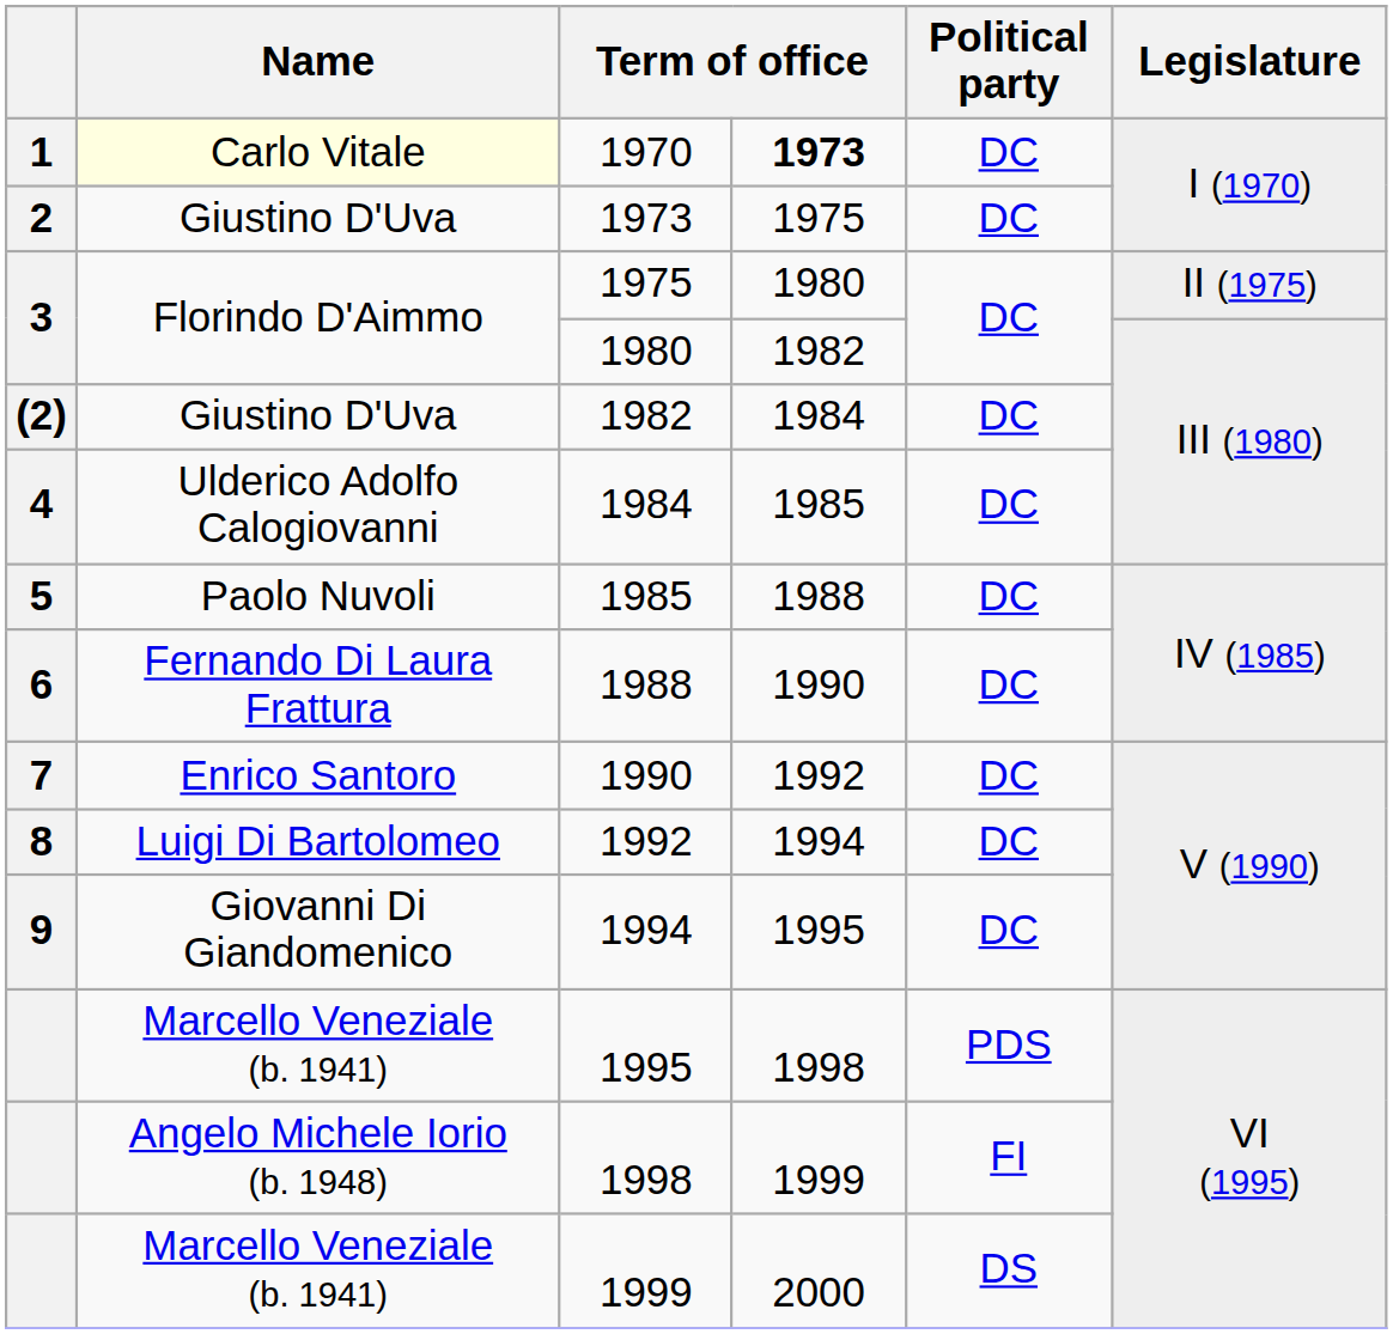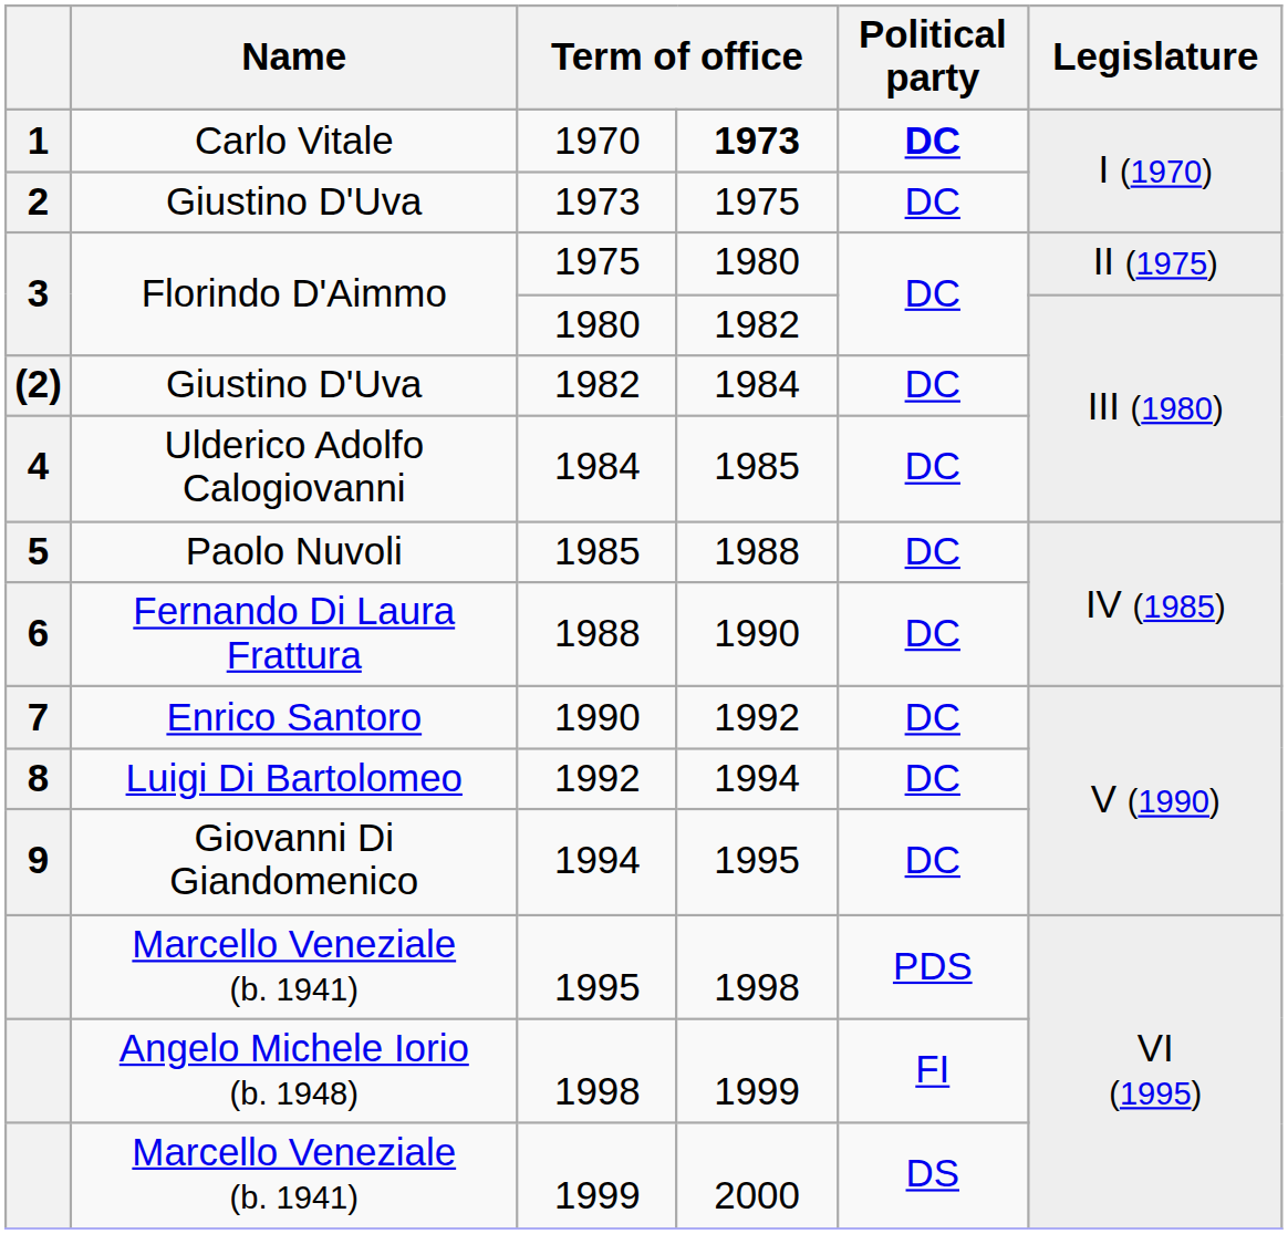 <table class="wikitable" style="text-align:center; width:60%; border:1px #AAAAFF solid">
 <tr>
 <th width=10px colspan=1></th>
 <th width=35%>Name</th>
 <th width=25% colspan=2>Term of office</th>
 <th width=15%>Political party</th>
 <th>Legislature</th>
 </tr>
 <tr>
 <th style="background:">1</th>
-<td style="background: lightyellow;">Carlo Vitale</td>
+<td>Carlo Vitale</td>
 <td>1970</td>
 <td><strong>1973</strong></td>
-<td><a href='#'>DC</a></td>
+<td><strong><a href='#'>DC</a></strong></td>
 <td rowspan=2 bgcolor=#EEEEEE>I <small>(<a href='#'>1970</a>)</small></td>
 </tr>
 <tr>
 <th style="background:">2</th>
 <td>Giustino D'Uva</td>
 <td>1973</td>
 <td>1975</td>
 <td><a href='#'>DC</a></td>
 </tr>
 <tr>
 <th rowspan=2 style="background:">3</th>
 <td rowspan=2>Florindo D'Aimmo</td>
 <td>1975</td>
 <td>1980</td>
 <td rowspan=2><a href='#'>DC</a></td>
 <td bgcolor=#EEEEEE>II <small>(<a href='#'>1975</a>)</small></td>
 </tr>
 <tr>
 <td>1980</td>
 <td>1982</td>
 <td rowspan=3 bgcolor=#EEEEEE>III <small>(<a href='#'>1980</a>)</small></td>
 </tr>
 <tr>
 <th style="background:">(2)</th>
 <td>Giustino D'Uva</td>
 <td>1982</td>
 <td>1984</td>
 <td><a href='#'>DC</a></td>
 </tr>
 <tr>
 <th style="background:">4</th>
 <td>Ulderico Adolfo Calogiovanni</td>
 <td>1984</td>
 <td>1985</td>
 <td><a href='#'>DC</a></td>
 </tr>
 <tr>
 <th style="background:">5</th>
 <td>Paolo Nuvoli</td>
 <td>1985</td>
 <td>1988</td>
 <td><a href='#'>DC</a></td>
 <td rowspan=2 bgcolor=#EEEEEE>IV <small>(<a href='#'>1985</a>)</small></td>
 </tr>
 <tr>
 <th style="background:">6</th>
 <td><a href='#'>Fernando Di Laura Frattura</a></td>
 <td>1988</td>
 <td>1990</td>
 <td><a href='#'>DC</a></td>
 </tr>
 <tr>
 <th style="background:">7</th>
 <td><a href='#'>Enrico Santoro</a></td>
 <td>1990</td>
 <td>1992</td>
 <td><a href='#'>DC</a></td>
 <td rowspan=3 bgcolor=#EEEEEE>V <small>(<a href='#'>1990</a>)</small></td>
 </tr>
 <tr>
 <th style="background:">8</th>
 <td><a href='#'>Luigi Di Bartolomeo</a></td>
 <td>1992</td>
 <td>1994</td>
 <td><a href='#'>DC</a></td>
 </tr>
 <tr>
 <th style="background:">9</th>
 <td>Giovanni Di Giandomenico</td>
 <td>1994</td>
 <td>1995</td>
 <td><a href='#'>DC</a></td>
 </tr>
 <tr>
 <th style="background:"></th>
 <td><a href='#'>Marcello Veneziale</a><br><small>(b. 1941)</small></td>
 <td><br>1995</td>
 <td><br>1998</td>
 <td><a href='#'>PDS</a></td>
 <td rowspan=3 bgcolor=#EEEEEE>VI <br><small>(<a href='#'>1995</a>)</small></td>
 </tr>
 <tr>
 <th style="background:"></th>
 <td><a href='#'>Angelo Michele Iorio</a><br><small>(b. 1948)</small></td>
 <td><br>1998</td>
 <td><br>1999</td>
 <td><a href='#'>FI</a></td>
 </tr>
 <tr>
 <th style="background:"></th>
 <td><a href='#'>Marcello Veneziale</a><br><small>(b. 1941)</small></td>
 <td><br>1999</td>
 <td><br>2000</td>
 <td><a href='#'>DS</a></td>
 </tr>
 <tr>
 </tr>
 </table>
